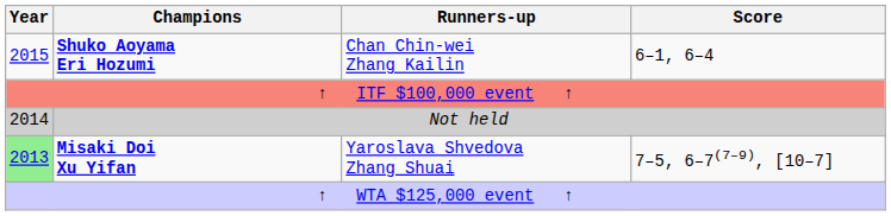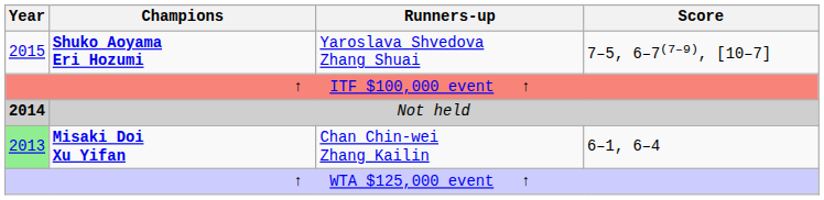 <table class="wikitable" style="font-size:90%">
 <tr>
 <th>Year</th>
 <th width="200">Champions</th>
 <th width="200">Runners-up</th>
 <th width="175">Score</th>
 </tr>
 <tr>
 <td><a href='#'>2015</a></td>
 <td> <strong><a href='#'>Shuko Aoyama</a> <br>  <a href='#'>Eri Hozumi</a></strong></td>
-<td> <a href='#'>Chan Chin-wei</a> <br>  <a href='#'>Zhang Kailin</a></td>
-<td>6–1, 6–4</td>
+<td> <a href='#'>Yaroslava Shvedova</a> <br>  <a href='#'>Zhang Shuai</a></td>
+<td>7–5, 6–7<sup>(7–9)</sup>, [10–7]</td>
 </tr>
 <tr style="background:#f88379;">
 <td colspan="5" align="center">↑   <a href='#'>ITF $100,000 event</a>   ↑</td>
 </tr>
 <tr>
-<td style="background:#cfcfcf">2014</td>
+<td style="background:#cfcfcf"><strong>2014</strong></td>
 <td colspan=3 align=center style="background:#cfcfcf"><em>Not held</em></td>
 </tr>
 <tr>
 <td style="background: lightgreen;"><a href='#'>2013</a></td>
 <td> <strong><a href='#'>Misaki Doi</a></strong> <br>  <strong><a href='#'>Xu Yifan</a></strong></td>
-<td> <a href='#'>Yaroslava Shvedova</a> <br>  <a href='#'>Zhang Shuai</a></td>
-<td>7–5, 6–7<sup>(7–9)</sup>, [10–7]</td>
+<td> <a href='#'>Chan Chin-wei</a> <br>  <a href='#'>Zhang Kailin</a></td>
+<td>6–1, 6–4</td>
 </tr>
 <tr style="background:#ccf;">
 <td colspan="4" align="center">↑   <a href='#'>WTA $125,000 event</a>   ↑</td>
 </tr>
 </table>
